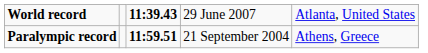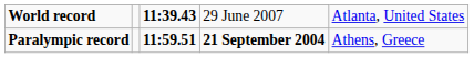 <table class="wikitable">
 <tr>
 <td><strong>World record</strong></td>
 <td></td>
 <td><strong>11:39.43</strong></td>
 <td>29 June 2007</td>
 <td><a href='#'>Atlanta</a>, <a href='#'>United States</a></td>
 </tr>
 <tr>
 <td><strong>Paralympic record</strong></td>
 <td></td>
 <td><strong>11:59.51</strong></td>
-<td>21 September 2004</td>
+<td><strong>21 September 2004</strong></td>
 <td><a href='#'>Athens</a>, <a href='#'>Greece</a></td>
 </tr>
 </table>
